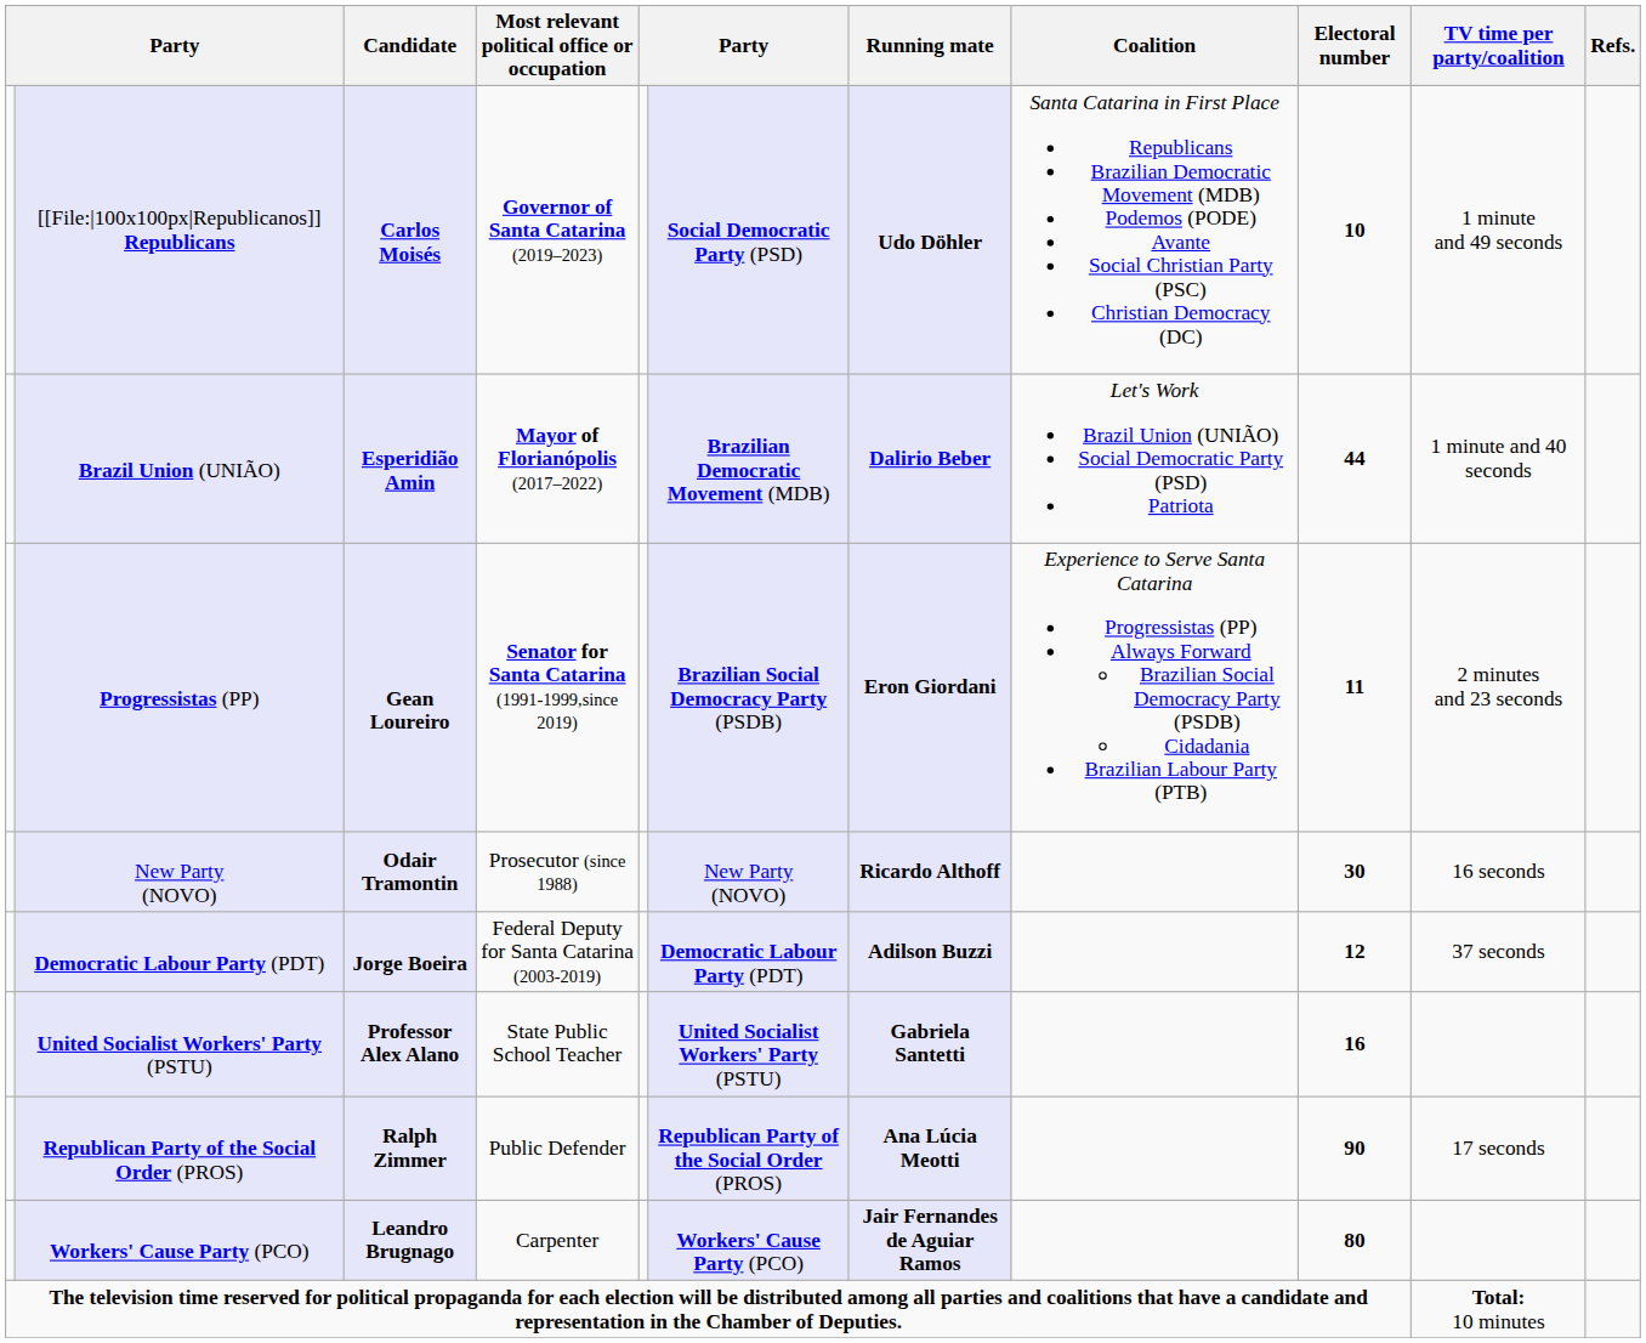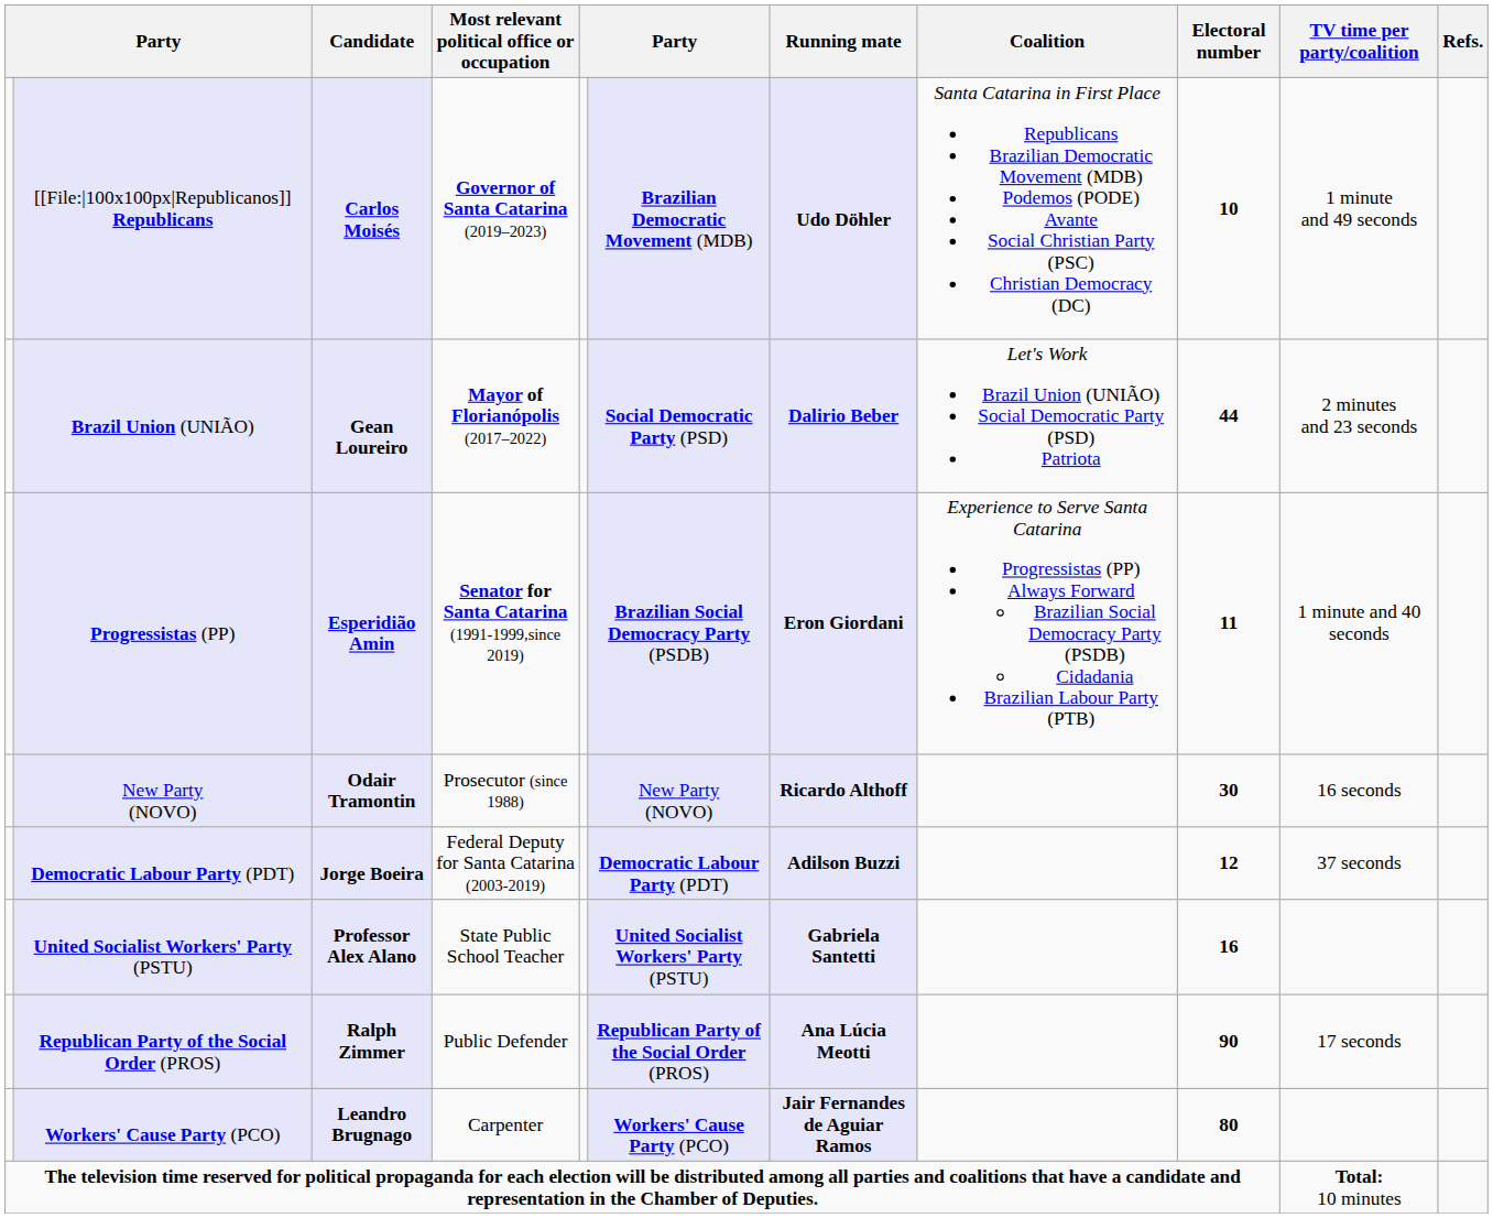 <table class="wikitable" style="text-align:center">
 <tr>
 <th colspan="2">Party</th>
 <th>Candidate</th>
 <th style="max-width:10em">Most relevant political office or occupation</th>
 <th colspan="2">Party</th>
 <th>Running mate</th>
 <th>Coalition</th>
 <th>Electoral number</th>
 <th><a href='#'>TV time per party/coalition</a></th>
 <th>Refs.</th>
 </tr>
 <tr>
 <td style="background:"></td>
 <td style="background:lavender;" max-width:150px>[[File:|100x100px|Republicanos]]<br><strong><a href='#'>Republicans</a></strong></td>
 <td style="background:lavender;"><br><strong><a href='#'>Carlos Moisés</a></strong></td>
 <td style="max-width:10em"><strong><a href='#'>Governor of Santa Catarina</a></strong><br><small>(2019–2023)</small></td>
 <td style="background:"></td>
-<td style="background:lavender;"><br><strong><a href='#'>Social Democratic Party</a></strong> (PSD)</td>
+<td style="background:lavender;"><br><strong><a href='#'>Brazilian Democratic Movement</a></strong> (MDB)</td>
 <td style="background:lavender;"><br><strong>Udo Döhler</strong></td>
 <td><em>Santa Catarina in First Place</em><br><ul><li><a href='#'>Republicans</a></li><li><a href='#'>Brazilian Democratic Movement</a> (MDB)</li><li><a href='#'>Podemos</a> (PODE)</li><li><a href='#'>Avante</a></li><li><a href='#'>Social Christian Party</a> (PSC)</li><li><a href='#'>Christian Democracy</a> (DC)</li></ul></td>
 <td><strong>10</strong></td>
 <td>1 minute<br>and 49 seconds</td>
 <td></td>
 </tr>
 <tr>
 <td style="background:"></td>
 <td style="background:lavender;"><br><strong><a href='#'>Brazil Union</a></strong> (UNIÃO)</td>
-<td style="background:lavender;"><br><strong><a href='#'>Esperidião Amin</a></strong></td>
+<td style="background:lavender;"><br><br><strong>Gean Loureiro</strong></td>
 <td><strong><a href='#'>Mayor</a> of <a href='#'>Florianópolis</a></strong><br><small>(2017–2022)</small></td>
 <td style="background:"></td>
-<td style="background:lavender;"><br><strong><a href='#'>Brazilian Democratic Movement</a></strong> (MDB)</td>
+<td style="background:lavender;"><br><strong><a href='#'>Social Democratic Party</a></strong> (PSD)</td>
 <td style="background:lavender;"><strong><a href='#'>Dalirio Beber</a></strong></td>
 <td><em>Let's Work</em><br><ul><li><a href='#'>Brazil Union</a> (UNIÃO)</li><li><a href='#'>Social Democratic Party</a> (PSD)</li><li><a href='#'>Patriota</a></li></ul></td>
 <td><strong>44</strong></td>
-<td>1 minute and 40 seconds</td>
+<td>2 minutes<br>and 23 seconds</td>
 <td></td>
 </tr>
 <tr>
 <td style="background:"></td>
 <td style="background:lavender;"><br><strong><a href='#'>Progressistas</a></strong> (PP)</td>
-<td style="background:lavender;"><br><br><strong>Gean Loureiro</strong></td>
+<td style="background:lavender;"><br><strong><a href='#'>Esperidião Amin</a></strong></td>
 <td style="max-width:10em"><strong><a href='#'>Senator</a> for <a href='#'>Santa Catarina</a></strong><br><small>(1991-1999,since 2019)</small></td>
 <td style="background:"></td>
 <td style="background:lavender;"><br><strong><a href='#'>Brazilian Social Democracy Party</a></strong> (PSDB)</td>
 <td style="background:lavender;"><strong>Eron Giordani</strong></td>
 <td><em>Experience to Serve Santa Catarina</em><br><ul><li><a href='#'>Progressistas</a> (PP)</li><li><a href='#'>Always Forward</a><ul><li><a href='#'>Brazilian Social Democracy Party</a> (PSDB)</li><li><a href='#'>Cidadania</a></li></ul></li><li><a href='#'>Brazilian Labour Party</a> (PTB)</li></ul></td>
 <td><strong>11</strong></td>
-<td>2 minutes<br>and 23 seconds</td>
+<td>1 minute and 40 seconds</td>
 <td></td>
 </tr>
 <tr>
 <td style="background:"></td>
 <td style="background:lavender;"><br><a href='#'>New Party</a><br>(NOVO)</td>
 <td style="background:lavender;"><strong>Odair Tramontin</strong></td>
 <td>Prosecutor <small>(since 1988)</small></td>
 <td style="background:"></td>
 <td style="background:lavender;"><br><a href='#'>New Party</a><br>(NOVO)</td>
 <td style="background:lavender;"><strong>Ricardo Althoff</strong></td>
 <td></td>
 <td><strong>30</strong></td>
 <td>16 seconds</td>
 <td></td>
 </tr>
 <tr>
 <td style="background:"></td>
 <td style="background:lavender;"><br><strong><a href='#'>Democratic Labour Party</a></strong> (PDT)</td>
 <td style="background:lavender;"><br><strong>Jorge Boeira</strong></td>
 <td style="max-width:10em">Federal Deputy for Santa Catarina<br><small>(2003-2019)</small></td>
 <td style="background:"></td>
 <td style="background:lavender;"><br><strong><a href='#'>Democratic Labour Party</a></strong> (PDT)</td>
 <td style="background:lavender;"><strong>Adilson Buzzi</strong></td>
 <td></td>
 <td><strong>12</strong></td>
 <td>37 seconds</td>
 <td></td>
 </tr>
 <tr>
 <td style=background:></td>
 <td style="background:lavender;"><br><strong><a href='#'>United Socialist Workers' Party</a></strong> (PSTU)</td>
 <td style="background:lavender;"><strong>Professor Alex Alano</strong></td>
 <td>State Public School Teacher</td>
 <td style=background:></td>
 <td style="background:lavender;"><br><strong><a href='#'>United Socialist Workers' Party</a></strong> (PSTU)</td>
 <td style="background:lavender;"><strong>Gabriela Santetti</strong></td>
 <td></td>
 <td><strong>16</strong></td>
 <td></td>
 <td></td>
 </tr>
 <tr>
 <td style="background:"></td>
 <td style="background:lavender;"><br><strong><a href='#'>Republican Party of the Social Order</a></strong> (PROS)</td>
 <td style="background:lavender;"><strong>Ralph Zimmer</strong></td>
 <td>Public Defender</td>
 <td style="background:"></td>
 <td style="background:lavender;"><br><strong><a href='#'>Republican Party of the Social Order</a></strong> (PROS)</td>
 <td style="background:lavender;"><strong>Ana Lúcia Meotti</strong></td>
 <td></td>
 <td><strong>90</strong></td>
 <td>17 seconds</td>
 <td></td>
 </tr>
 <tr>
 <td style="background:"></td>
 <td style="background:lavender;"><br><strong><a href='#'>Workers' Cause Party</a></strong> (PCO)</td>
 <td style="background:lavender;"><strong>Leandro Brugnago</strong></td>
 <td>Carpenter</td>
 <td style="background:"></td>
 <td style="background:lavender;"><br><strong><a href='#'>Workers' Cause Party</a></strong> (PCO)</td>
 <td style="background:lavender;"><strong>Jair Fernandes de Aguiar Ramos</strong></td>
 <td></td>
 <td><strong>80</strong></td>
 <td></td>
 <td></td>
 </tr>
 <tr>
 <td colspan="9"><strong>The television time reserved for political propaganda for each election will be distributed among all parties and coalitions that have a candidate and representation in the Chamber of Deputies.</strong></td>
 <td><strong>Total:</strong><br>10 minutes</td>
 <td></td>
 </tr>
 </table>
